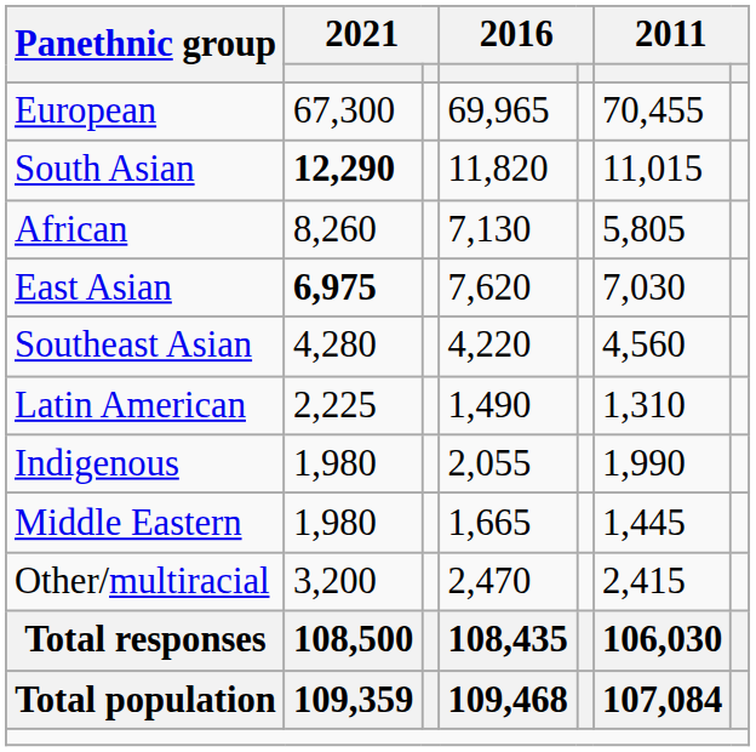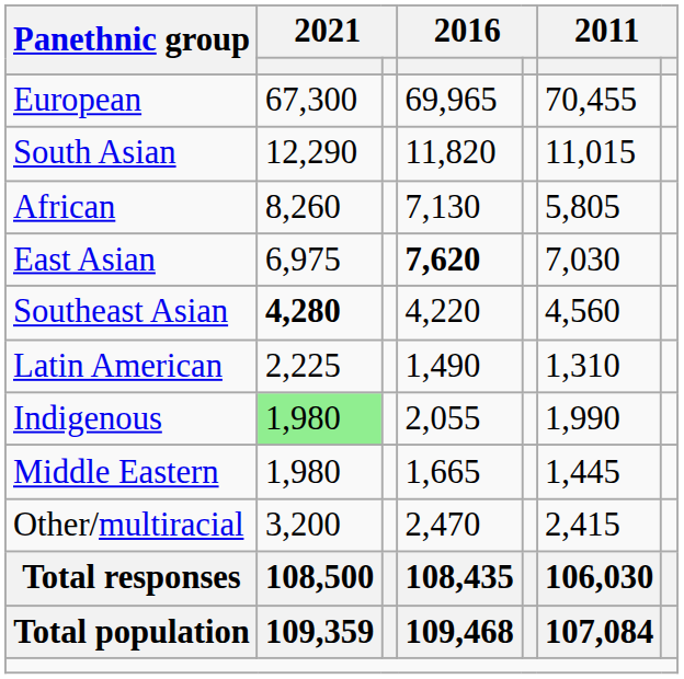 <table class="wikitable collapsible sortable">
 <tr>
 <th rowspan="2"><a href='#'>Panethnic</a> group</th>
 <th colspan="2">2021</th>
 <th colspan="2">2016</th>
 <th colspan="2">2011</th>
 </tr>
 <tr>
 <th><a href='#'></a></th>
 <th></th>
 <th></th>
 <th></th>
 <th></th>
 <th></th>
 </tr>
 <tr>
 <td><a href='#'>European</a></td>
 <td>67,300</td>
 <td></td>
 <td>69,965</td>
 <td></td>
 <td>70,455</td>
 <td></td>
 </tr>
 <tr>
 <td><a href='#'>South Asian</a></td>
-<td><strong>12,290</strong></td>
+<td>12,290</td>
 <td></td>
 <td>11,820</td>
 <td></td>
 <td>11,015</td>
 <td></td>
 </tr>
 <tr>
 <td><a href='#'>African</a></td>
 <td>8,260</td>
 <td></td>
 <td>7,130</td>
 <td></td>
 <td>5,805</td>
 <td></td>
 </tr>
 <tr>
 <td><a href='#'>East Asian</a></td>
-<td><strong>6,975</strong></td>
+<td>6,975</td>
 <td></td>
-<td>7,620</td>
+<td><strong>7,620</strong></td>
 <td></td>
 <td>7,030</td>
 <td></td>
 </tr>
 <tr>
 <td><a href='#'>Southeast Asian</a></td>
-<td>4,280</td>
+<td><strong>4,280</strong></td>
 <td></td>
 <td>4,220</td>
 <td></td>
 <td>4,560</td>
 <td></td>
 </tr>
 <tr>
 <td><a href='#'>Latin American</a></td>
 <td>2,225</td>
 <td></td>
 <td>1,490</td>
 <td></td>
 <td>1,310</td>
 <td></td>
 </tr>
 <tr>
 <td><a href='#'>Indigenous</a></td>
-<td>1,980</td>
+<td style="background: lightgreen;">1,980</td>
 <td></td>
 <td>2,055</td>
 <td></td>
 <td>1,990</td>
 <td></td>
 </tr>
 <tr>
 <td><a href='#'>Middle Eastern</a></td>
 <td>1,980</td>
 <td></td>
 <td>1,665</td>
 <td></td>
 <td>1,445</td>
 <td></td>
 </tr>
 <tr>
 <td>Other/<a href='#'>multiracial</a></td>
 <td>3,200</td>
 <td></td>
 <td>2,470</td>
 <td></td>
 <td>2,415</td>
 <td></td>
 </tr>
 <tr>
 <th>Total responses</th>
 <th>108,500</th>
 <th></th>
 <th>108,435</th>
 <th></th>
 <th>106,030</th>
 <th></th>
 </tr>
 <tr class="sortbottom">
 <th>Total population</th>
 <th>109,359</th>
 <th></th>
 <th>109,468</th>
 <th></th>
 <th>107,084</th>
 <th></th>
 </tr>
 <tr class="sortbottom">
 <td colspan="7"></td>
 </tr>
 </table>
